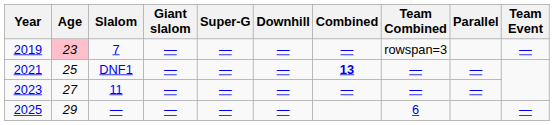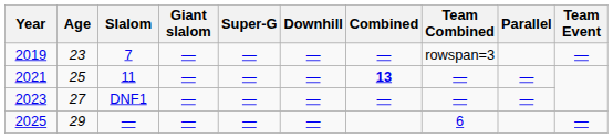 <table class=wikitable style="text-align:center">
 <tr>
 <th>  Year  </th>
 <th> Age </th>
 <th> Slalom </th>
 <th> Giant <br> slalom </th>
 <th>Super-G</th>
 <th>Downhill</th>
 <th>Combined</th>
 <th>Team<br>Combined</th>
 <th>Parallel</th>
 <th>Team<br> Event </th>
 </tr>
 <tr>
 <td><a href='#'>2019</a></td>
-<td style="background: pink;"><em>23</em></td>
+<td><em>23</em></td>
 <td><a href='#'>7</a></td>
 <td><a href='#'>—</a></td>
 <td><a href='#'>—</a></td>
 <td><a href='#'>—</a></td>
 <td><a href='#'>—</a></td>
 <td>rowspan=3</td>
 <td></td>
 <td><a href='#'>—</a></td>
 </tr>
 <tr>
 <td><a href='#'>2021</a></td>
 <td><em>25</em></td>
-<td><a href='#'>DNF1</a></td>
+<td><a href='#'>11</a></td>
 <td><a href='#'>—</a></td>
 <td><a href='#'>—</a></td>
 <td><a href='#'>—</a></td>
 <td><strong><a href='#'>13</a></strong></td>
 <td><a href='#'>—</a></td>
 <td><a href='#'>—</a></td>
 </tr>
 <tr>
 <td><a href='#'>2023</a></td>
 <td><em>27</em></td>
-<td><a href='#'>11</a></td>
+<td><a href='#'>DNF1</a></td>
 <td><a href='#'>—</a></td>
 <td><a href='#'>—</a></td>
 <td><a href='#'>—</a></td>
 <td><a href='#'>—</a></td>
 <td><a href='#'>—</a></td>
 <td><a href='#'>—</a></td>
 </tr>
 <tr>
 <td><a href='#'>2025</a></td>
 <td><em>29</em></td>
 <td><a href='#'>—</a></td>
 <td><a href='#'>—</a></td>
 <td><a href='#'>—</a></td>
 <td><a href='#'>—</a></td>
 <td></td>
 <td><a href='#'>6</a></td>
 <td></td>
 <td><a href='#'>—</a></td>
 </tr>
 </table>
